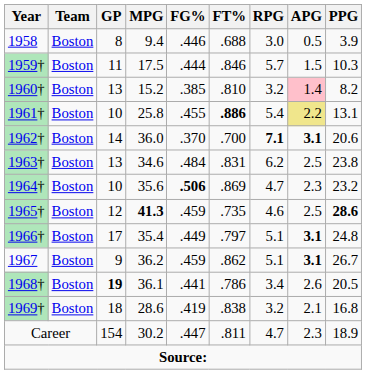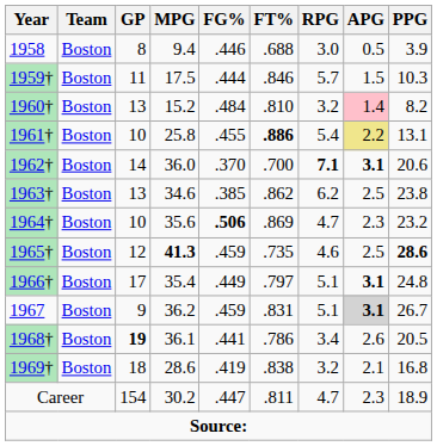 <table class="wikitable sortable" style="font-size:95%; text-align:right;">
 <tr>
 <th>Year</th>
 <th>Team</th>
 <th>GP</th>
 <th>MPG</th>
 <th>FG%</th>
 <th>FT%</th>
 <th>RPG</th>
 <th>APG</th>
 <th>PPG</th>
 </tr>
 <tr>
 <td style="text-align:left;"><a href='#'>1958</a></td>
 <td style="text-align:left;"><a href='#'>Boston</a></td>
 <td>8</td>
 <td>9.4</td>
 <td>.446</td>
 <td>.688</td>
 <td>3.0</td>
 <td>0.5</td>
 <td>3.9</td>
 </tr>
 <tr>
 <td style="text-align:left;background:#afe6ba;"><a href='#'>1959</a>†</td>
 <td style="text-align:left;"><a href='#'>Boston</a></td>
 <td>11</td>
 <td>17.5</td>
 <td>.444</td>
 <td>.846</td>
 <td>5.7</td>
 <td>1.5</td>
 <td>10.3</td>
 </tr>
 <tr>
 <td style="text-align:left;background:#afe6ba;"><a href='#'>1960</a>†</td>
 <td style="text-align:left;"><a href='#'>Boston</a></td>
 <td>13</td>
 <td>15.2</td>
-<td>.385</td>
+<td>.484</td>
 <td>.810</td>
 <td>3.2</td>
 <td style="background: pink;">1.4</td>
 <td>8.2</td>
 </tr>
 <tr>
 <td style="text-align:left;background:#afe6ba;"><a href='#'>1961</a>†</td>
 <td style="text-align:left;"><a href='#'>Boston</a></td>
 <td>10</td>
 <td>25.8</td>
 <td>.455</td>
 <td><strong>.886</strong></td>
 <td>5.4</td>
 <td style="background: khaki;">2.2</td>
 <td>13.1</td>
 </tr>
 <tr>
 <td style="text-align:left;background:#afe6ba;"><a href='#'>1962</a>†</td>
 <td style="text-align:left;"><a href='#'>Boston</a></td>
 <td>14</td>
 <td>36.0</td>
 <td>.370</td>
 <td>.700</td>
 <td><strong>7.1</strong></td>
 <td><strong>3.1</strong></td>
 <td>20.6</td>
 </tr>
 <tr>
 <td style="text-align:left;background:#afe6ba;"><a href='#'>1963</a>†</td>
 <td style="text-align:left;"><a href='#'>Boston</a></td>
 <td>13</td>
 <td>34.6</td>
-<td>.484</td>
-<td>.831</td>
+<td>.385</td>
+<td>.862</td>
 <td>6.2</td>
 <td>2.5</td>
 <td>23.8</td>
 </tr>
 <tr>
 <td style="text-align:left;background:#afe6ba;"><a href='#'>1964</a>†</td>
 <td style="text-align:left;"><a href='#'>Boston</a></td>
 <td>10</td>
 <td>35.6</td>
 <td><strong>.506</strong></td>
 <td>.869</td>
 <td>4.7</td>
 <td>2.3</td>
 <td>23.2</td>
 </tr>
 <tr>
 <td style="text-align:left;background:#afe6ba;"><a href='#'>1965</a>†</td>
 <td style="text-align:left;"><a href='#'>Boston</a></td>
 <td>12</td>
 <td><strong>41.3</strong></td>
 <td>.459</td>
 <td>.735</td>
 <td>4.6</td>
 <td>2.5</td>
 <td><strong>28.6</strong></td>
 </tr>
 <tr>
 <td style="text-align:left;background:#afe6ba;"><a href='#'>1966</a>†</td>
 <td style="text-align:left;"><a href='#'>Boston</a></td>
 <td>17</td>
 <td>35.4</td>
 <td>.449</td>
 <td>.797</td>
 <td>5.1</td>
 <td><strong>3.1</strong></td>
 <td>24.8</td>
 </tr>
 <tr>
 <td style="text-align:left;"><a href='#'>1967</a></td>
 <td style="text-align:left;"><a href='#'>Boston</a></td>
 <td>9</td>
 <td>36.2</td>
 <td>.459</td>
-<td>.862</td>
+<td>.831</td>
 <td>5.1</td>
-<td><strong>3.1</strong></td>
+<td style="background: lightgrey;"><strong>3.1</strong></td>
 <td>26.7</td>
 </tr>
 <tr>
 <td style="text-align:left;background:#afe6ba;"><a href='#'>1968</a>†</td>
 <td style="text-align:left;"><a href='#'>Boston</a></td>
 <td><strong>19</strong></td>
 <td>36.1</td>
 <td>.441</td>
 <td>.786</td>
 <td>3.4</td>
 <td>2.6</td>
 <td>20.5</td>
 </tr>
 <tr>
 <td style="text-align:left;background:#afe6ba;"><a href='#'>1969</a>†</td>
 <td style="text-align:left;"><a href='#'>Boston</a></td>
 <td>18</td>
 <td>28.6</td>
 <td>.419</td>
 <td>.838</td>
 <td>3.2</td>
 <td>2.1</td>
 <td>16.8</td>
 </tr>
 <tr class="sortbottom">
 <td colspan="2" style="text-align:center;">Career</td>
 <td>154</td>
 <td>30.2</td>
 <td>.447</td>
 <td>.811</td>
 <td>4.7</td>
 <td>2.3</td>
 <td>18.9</td>
 </tr>
 <tr class="sortbottom">
 <td colspan="9" style="text-align:center;"><strong>Source:</strong></td>
 </tr>
 </table>
